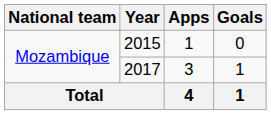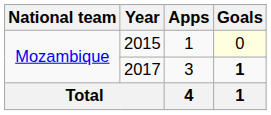 <table class="wikitable" style="text-align:center">
 <tr>
 <th>National team</th>
 <th>Year</th>
 <th>Apps</th>
 <th>Goals</th>
 </tr>
 <tr>
 <td rowspan="2"><a href='#'>Mozambique</a></td>
 <td>2015</td>
 <td>1</td>
-<td>0</td>
+<td style="background: lightyellow;">0</td>
 </tr>
 <tr>
 <td>2017</td>
 <td>3</td>
-<td>1</td>
+<td><strong>1</strong></td>
 </tr>
 <tr>
 <th colspan=2>Total</th>
 <th>4</th>
 <th>1</th>
 </tr>
 </table>
